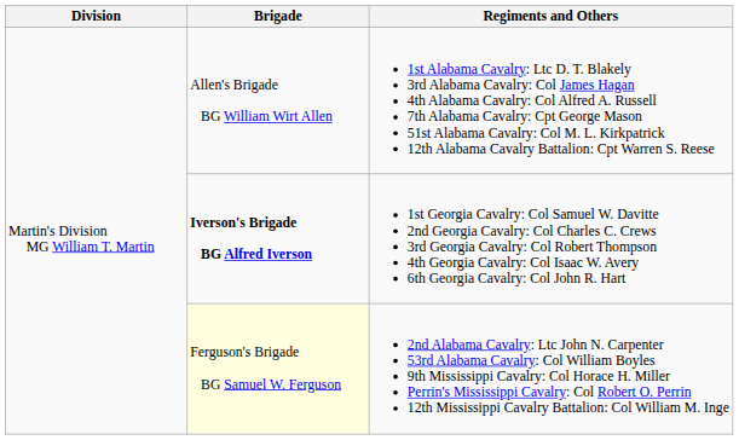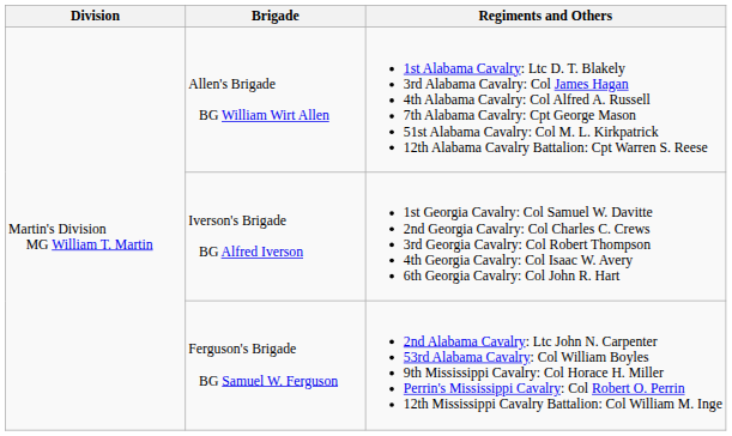 <table class="wikitable">
 <tr>
 <th width=25%>Division</th>
 <th width=25%>Brigade</th>
 <th>Regiments and Others</th>
 </tr>
 <tr>
 <td rowspan=3><br>Martin's Division <br>     MG <a href='#'>William T. Martin</a></td>
 <td>Allen's Brigade<br><br>   BG <a href='#'>William Wirt Allen</a></td>
 <td><br><ul><li><a href='#'>1st Alabama Cavalry</a>: Ltc D. T. Blakely</li><li>3rd Alabama Cavalry: Col <a href='#'>James Hagan</a></li><li>4th Alabama Cavalry: Col Alfred A. Russell</li><li>7th Alabama Cavalry: Cpt George Mason</li><li>51st Alabama Cavalry: Col M. L. Kirkpatrick</li><li>12th Alabama Cavalry Battalion: Cpt Warren S. Reese</li></ul></td>
 </tr>
 <tr>
-<td><strong>Iverson's Brigade<br><br>   BG <a href='#'>Alfred Iverson</a></strong></td>
+<td>Iverson's Brigade<br><br>   BG <a href='#'>Alfred Iverson</a></td>
 <td><br><ul><li>1st Georgia Cavalry: Col Samuel W. Davitte</li><li>2nd Georgia Cavalry: Col Charles C. Crews</li><li>3rd Georgia Cavalry: Col Robert Thompson</li><li>4th Georgia Cavalry: Col Isaac W. Avery</li><li>6th Georgia Cavalry: Col John R. Hart</li></ul></td>
 </tr>
 <tr>
-<td style="background: lightyellow;">Ferguson's Brigade<br><br>   BG <a href='#'>Samuel W. Ferguson</a></td>
+<td>Ferguson's Brigade<br><br>   BG <a href='#'>Samuel W. Ferguson</a></td>
 <td><br><ul><li><a href='#'>2nd Alabama Cavalry</a>: Ltc John N. Carpenter</li><li><a href='#'>53rd Alabama Cavalry</a>: Col William Boyles</li><li>9th Mississippi Cavalry: Col Horace H. Miller</li><li><a href='#'>Perrin's Mississippi Cavalry</a>: Col <a href='#'>Robert O. Perrin</a></li><li>12th Mississippi Cavalry Battalion: Col William M. Inge</li></ul></td>
 </tr>
 </table>
